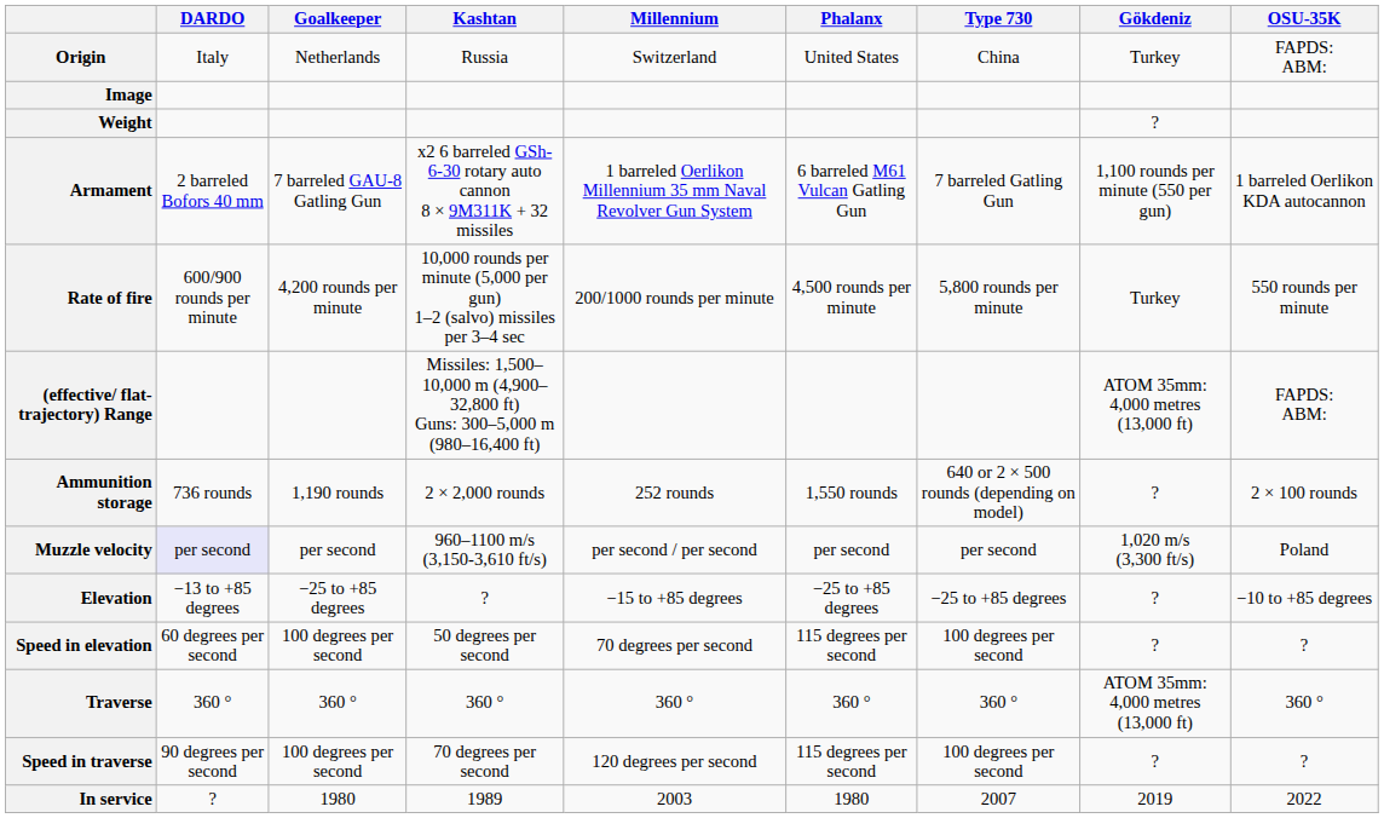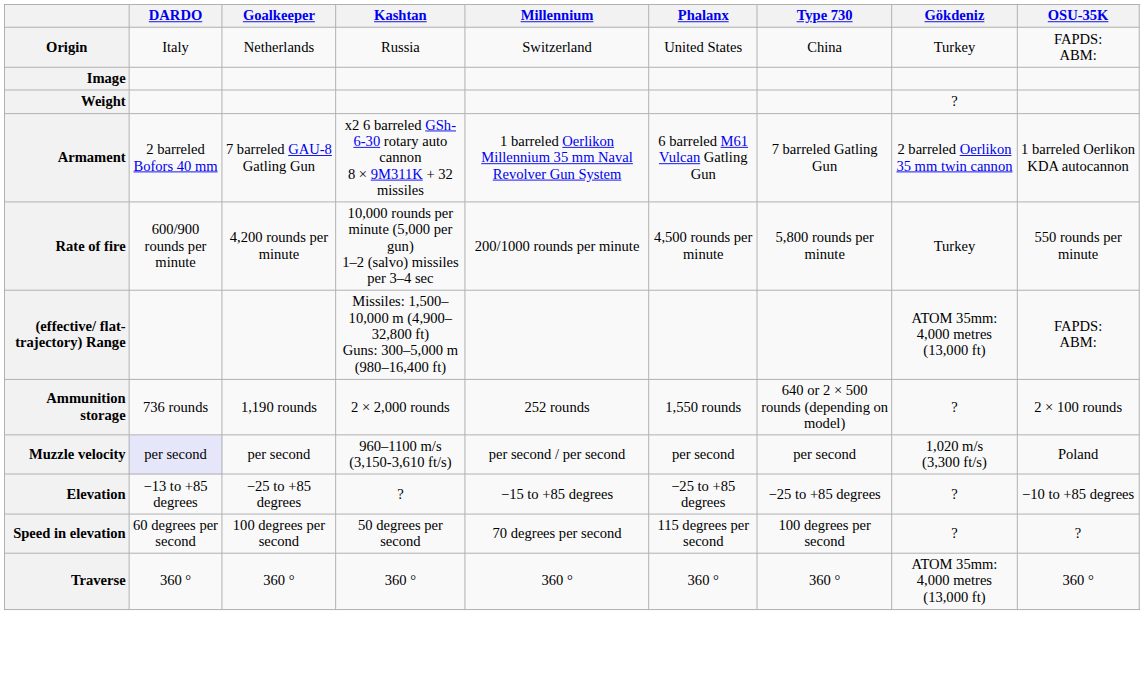 <table class="wikitable" style="text-align:center;" summary="Characteristics of modern CIWS">
 <tr style="vertical-align:bottom; border-bottom:1px solid #999; ">
 <th></th>
 <th style="text-align:center;"><a href='#'>DARDO</a></th>
 <th style="text-align:center;"><a href='#'>Goalkeeper</a></th>
 <th style="text-align:center;"><a href='#'>Kashtan</a></th>
 <th style="text-align:center;"><a href='#'>Millennium</a></th>
 <th style="text-align:center;"><a href='#'>Phalanx</a></th>
 <th style="text-align:center;"><a href='#'>Type 730</a></th>
 <th><a href='#'>Gökdeniz</a></th>
 <th><a href='#'>OSU-35K</a></th>
 </tr>
 <tr>
 <th>Origin</th>
 <td>Italy</td>
 <td>Netherlands</td>
 <td>Russia</td>
 <td>Switzerland</td>
 <td>United States</td>
 <td>China</td>
 <td>Turkey</td>
 <td>FAPDS: <br>ABM: </td>
 </tr>
 <tr>
 <th style="text-align:right;">Image</th>
 <td></td>
 <td></td>
 <td></td>
 <td></td>
 <td></td>
 <td></td>
 <td></td>
 <td></td>
 </tr>
 <tr>
 <th style="text-align:right;">Weight</th>
 <td></td>
 <td></td>
 <td></td>
 <td></td>
 <td></td>
 <td></td>
 <td>?</td>
 <td></td>
 </tr>
 <tr>
 <th style="text-align:right;">Armament</th>
 <td> 2 barreled <a href='#'>Bofors 40 mm</a></td>
 <td> 7 barreled <a href='#'>GAU-8</a> Gatling Gun</td>
 <td>x2  6 barreled <a href='#'>GSh-6-30</a> rotary auto cannon<br>8 × <a href='#'>9M311K</a> + 32 missiles</td>
 <td> 1 barreled <a href='#'>Oerlikon Millennium 35 mm Naval Revolver Gun System</a></td>
 <td> 6 barreled <a href='#'>M61 Vulcan</a> Gatling Gun</td>
 <td> 7 barreled Gatling Gun</td>
-<td>1,100 rounds per minute (550 per gun)</td>
+<td> 2 barreled <a href='#'>Oerlikon 35 mm twin cannon</a></td>
 <td> 1 barreled Oerlikon KDA autocannon</td>
 </tr>
 <tr>
 <th style="text-align:right;">Rate of fire</th>
 <td>600/900 rounds per minute</td>
 <td>4,200 rounds per minute</td>
 <td>10,000 rounds per minute (5,000 per gun)<br>1–2 (salvo) missiles per 3–4 sec</td>
 <td>200/1000 rounds per minute</td>
 <td>4,500 rounds per minute</td>
 <td>5,800 rounds per minute</td>
 <td>Turkey</td>
 <td>550 rounds per minute</td>
 </tr>
 <tr>
 <th style="text-align:right;">(effective/ flat-trajectory) Range</th>
 <td></td>
 <td></td>
 <td>Missiles: 1,500–10,000 m (4,900–32,800 ft)<br>Guns: 300–5,000 m (980–16,400 ft)</td>
 <td></td>
 <td></td>
 <td></td>
 <td>ATOM 35mm: 4,000 metres (13,000 ft)</td>
 <td>FAPDS: <br>ABM: </td>
 </tr>
 <tr>
 <th style="text-align:right;">Ammunition storage</th>
 <td>736 rounds</td>
 <td>1,190 rounds</td>
 <td>2 × 2,000 rounds</td>
 <td>252 rounds</td>
 <td>1,550 rounds</td>
 <td>640 or 2 × 500 rounds (depending on model)</td>
 <td>?</td>
 <td>2 × 100 rounds</td>
 </tr>
 <tr>
 <th style="text-align:right;">Muzzle velocity</th>
 <td style="background: lavender;"> per second</td>
 <td> per second</td>
 <td>960–1100 m/s (3,150-3,610 ft/s)</td>
 <td> per second /  per second</td>
 <td> per second</td>
 <td> per second</td>
 <td>1,020 m/s (3,300 ft/s)</td>
 <td>Poland</td>
 </tr>
 <tr>
 <th style="text-align:right;">Elevation</th>
 <td>−13 to +85 degrees</td>
 <td>−25 to +85 degrees</td>
 <td>?</td>
 <td>−15 to +85 degrees</td>
 <td>−25 to +85 degrees</td>
 <td>−25 to +85 degrees</td>
 <td>?</td>
 <td>−10 to +85 degrees</td>
 </tr>
 <tr>
 <th style="text-align:right;">Speed in elevation</th>
 <td>60 degrees per second</td>
 <td>100 degrees per second</td>
 <td>50 degrees per second</td>
 <td>70 degrees per second</td>
 <td>115 degrees per second</td>
 <td>100 degrees per second</td>
 <td>?</td>
 <td>?</td>
 </tr>
 <tr>
 <th style="text-align:right;">Traverse</th>
 <td>360 °</td>
 <td>360 °</td>
 <td>360 °</td>
 <td>360 °</td>
 <td>360 °</td>
 <td>360 °</td>
 <td>ATOM 35mm: 4,000 metres (13,000 ft)</td>
 <td>360 °</td>
 </tr>
-<tr>
-<th style="text-align:right;">Speed in traverse</th>
-<td>90 degrees per second</td>
-<td>100 degrees per second</td>
-<td>70 degrees per second</td>
-<td>120 degrees per second</td>
-<td>115 degrees per second</td>
-<td>100 degrees per second</td>
-<td>?</td>
-<td>?</td>
-</tr>
-<tr>
-<th style="text-align:right;">In service</th>
-<td>?</td>
-<td>1980</td>
-<td>1989</td>
-<td>2003</td>
-<td>1980</td>
-<td>2007</td>
-<td>2019</td>
-<td>2022</td>
-</tr>
 </table>
